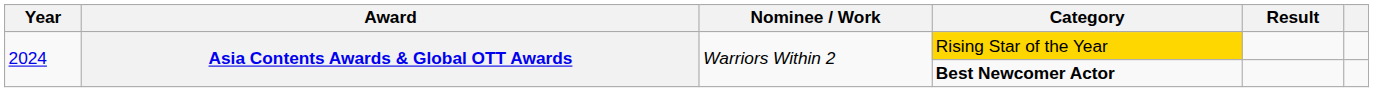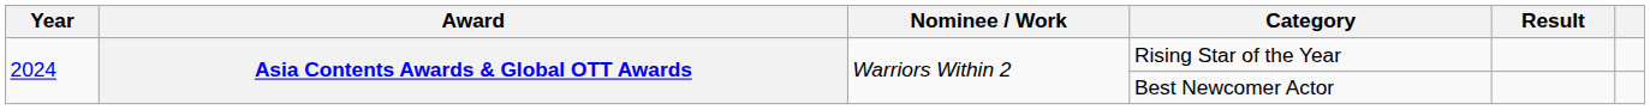 <table class="wikitable plainrowheaders" style="width: 100%;">
 <tr>
 <th scope="col">Year</th>
 <th scope="col">Award</th>
 <th scope="col">Nominee / Work</th>
 <th scope="col">Category</th>
 <th scope="col">Result</th>
 <th scope="col" style="width:1em;" class="unsortable"></th>
 </tr>
 <tr>
 <td rowspan="2"><a href='#'>2024</a></td>
 <th rowspan="2" scope="row"><a href='#'>Asia Contents Awards & Global OTT Awards</a></th>
 <td rowspan="2"><em>Warriors Within 2</em></td>
-<td style="background: gold;">Rising Star of the Year</td>
+<td>Rising Star of the Year</td>
 <td></td>
 <td></td>
 </tr>
 <tr>
-<td><strong>Best Newcomer Actor</strong></td>
+<td>Best Newcomer Actor</td>
 <td></td>
 <td></td>
 </tr>
 </table>
